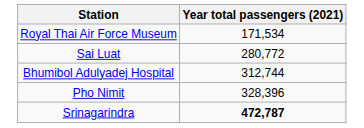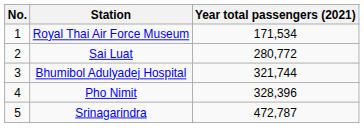 <table class="wikitable" style="margin:auto;font-align:center;text-align:center;font-size:80%;">
 <tr>
+<th>No.</th>
 <th>Station</th>
 <th>Year total passengers (2021)</th>
 </tr>
 <tr>
+<td>1</td>
 <td><a href='#'>Royal Thai Air Force Museum</a></td>
 <td>171,534</td>
 </tr>
 <tr>
+<td>2</td>
 <td><a href='#'>Sai Luat</a></td>
 <td>280,772</td>
 </tr>
 <tr>
+<td>3</td>
 <td><a href='#'>Bhumibol Adulyadej Hospital</a></td>
-<td>312,744</td>
+<td>321,744</td>
 </tr>
 <tr>
+<td>4</td>
 <td><a href='#'>Pho Nimit</a></td>
 <td>328,396</td>
 </tr>
 <tr>
+<td>5</td>
 <td><a href='#'>Srinagarindra</a></td>
-<td><strong>472,787</strong></td>
+<td>472,787</td>
 </tr>
 </table>
